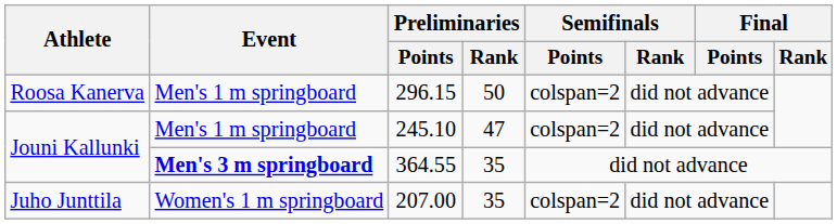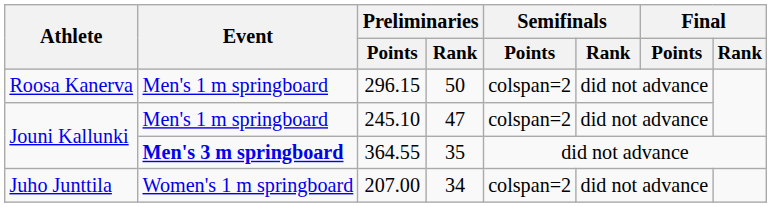 <table class=wikitable style="font-size:90%;">
 <tr>
 <th rowspan="2">Athlete</th>
 <th rowspan="2">Event</th>
 <th colspan="2">Preliminaries</th>
 <th colspan="2">Semifinals</th>
 <th colspan="2">Final</th>
 </tr>
 <tr style="font-size:95%">
 <th>Points</th>
 <th>Rank</th>
 <th>Points</th>
 <th>Rank</th>
 <th>Points</th>
 <th>Rank</th>
 </tr>
 <tr align=center>
 <td align=left><a href='#'>Roosa Kanerva</a></td>
 <td align=left><a href='#'>Men's 1 m springboard</a></td>
 <td>296.15</td>
 <td>50</td>
 <td>colspan=2 </td>
 <td colspan=2>did not advance</td>
 </tr>
 <tr align=center>
 <td align=left rowspan=2><a href='#'>Jouni Kallunki</a></td>
 <td align=left><a href='#'>Men's 1 m springboard</a></td>
 <td>245.10</td>
 <td>47</td>
 <td>colspan=2 </td>
 <td colspan=2>did not advance</td>
 </tr>
 <tr align=center>
 <td align=left><strong><a href='#'>Men's 3 m springboard</a></strong></td>
 <td>364.55</td>
 <td>35</td>
 <td colspan=4>did not advance</td>
 </tr>
 <tr align=center>
 <td align=left><a href='#'>Juho Junttila</a></td>
 <td align=left><a href='#'>Women's 1 m springboard</a></td>
 <td>207.00</td>
-<td>35</td>
+<td>34</td>
 <td>colspan=2 </td>
 <td colspan=2>did not advance</td>
 </tr>
 </table>
